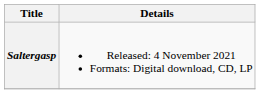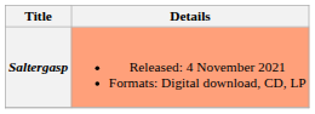 <table class="wikitable plainrowheaders" style="text-align:center;">
 <tr>
 <th>Title</th>
 <th>Details</th>
 </tr>
 <tr>
 <th scope="row"><em>Saltergasp</em></th>
-<td><br><ul><li>Released: 4 November 2021</li><li>Formats: Digital download, CD, LP</li></ul></td>
+<td style="background: lightsalmon;"><br><ul><li>Released: 4 November 2021</li><li>Formats: Digital download, CD, LP</li></ul></td>
 </tr>
 <tr>
 </tr>
 </table>
